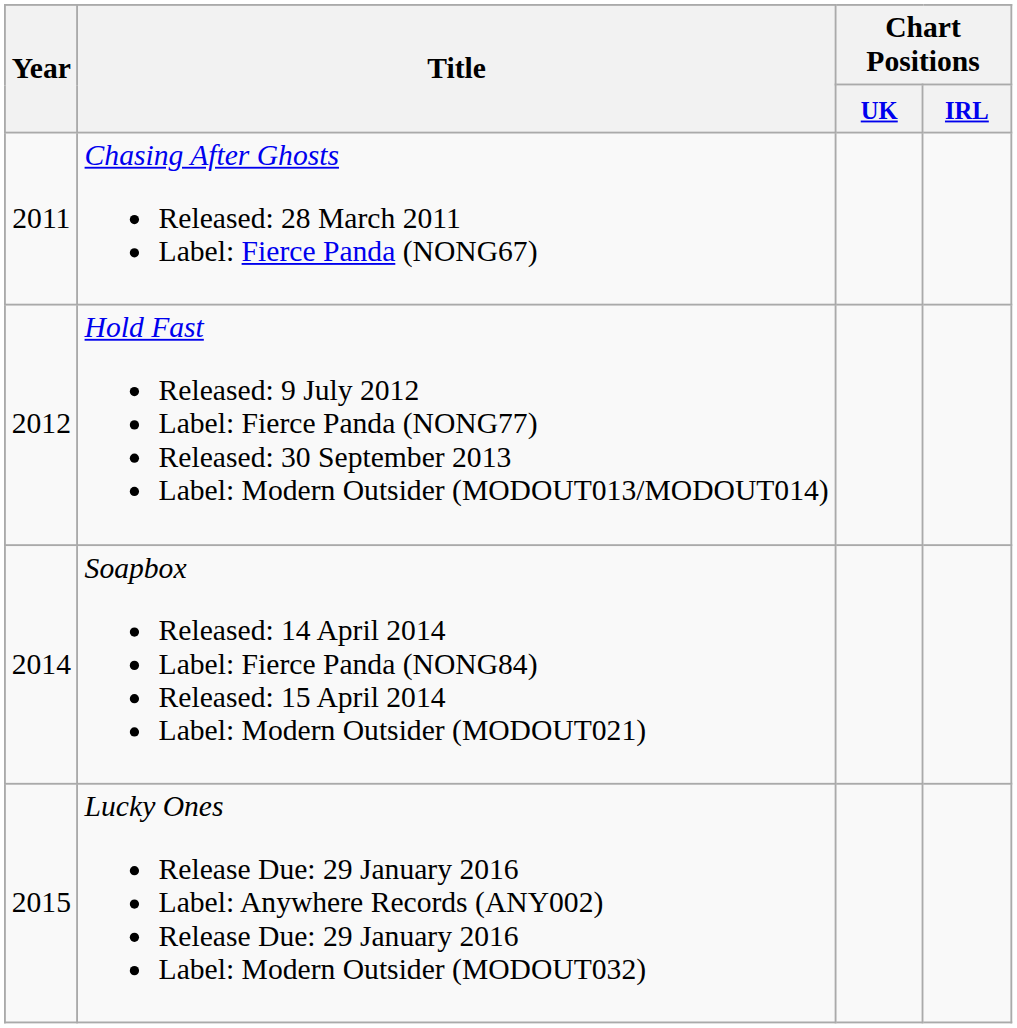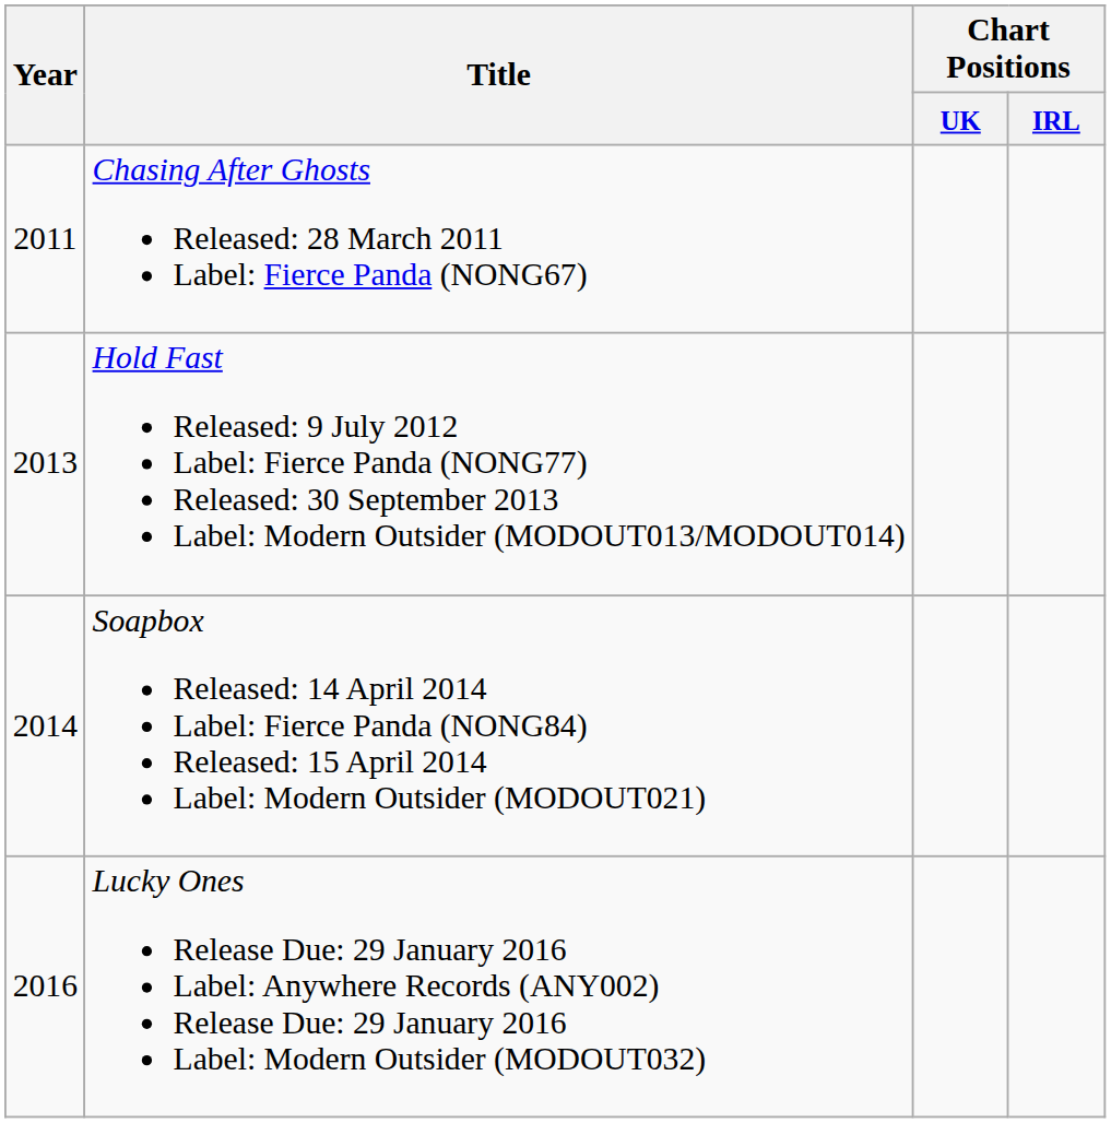 <table class="wikitable" style=text-align:center;>
 <tr>
 <th rowspan="2">Year</th>
 <th rowspan="2">Title</th>
 <th colspan="2">Chart Positions</th>
 </tr>
 <tr>
 <th width="40"><small><a href='#'>UK</a></small></th>
 <th width="40"><small><a href='#'>IRL</a></small></th>
 </tr>
 <tr>
 <td>2011</td>
 <td align="left"><em><a href='#'>Chasing After Ghosts</a></em><br><ul><li>Released: 28 March 2011</li><li>Label: <a href='#'>Fierce Panda</a> (NONG67)</li></ul></td>
 <td> </td>
 <td> </td>
 </tr>
 <tr>
-<td>2012</td>
+<td>2013</td>
 <td align="left"><em><a href='#'>Hold Fast</a></em><br><ul><li>Released: 9 July 2012</li><li>Label: Fierce Panda (NONG77)</li><li>Released: 30 September 2013</li><li>Label: Modern Outsider (MODOUT013/MODOUT014)</li></ul></td>
 <td> </td>
 <td> </td>
 </tr>
 <tr>
 <td>2014</td>
 <td align="left"><em>Soapbox</em><br><ul><li>Released: 14 April 2014</li><li>Label: Fierce Panda (NONG84)</li><li>Released: 15 April 2014</li><li>Label: Modern Outsider (MODOUT021)</li></ul></td>
 <td> </td>
 <td> </td>
 </tr>
 <tr>
-<td>2015</td>
+<td>2016</td>
 <td align="left"><em>Lucky Ones</em><br><ul><li>Release Due: 29 January 2016</li><li>Label: Anywhere Records (ANY002)</li><li>Release Due: 29 January 2016</li><li>Label: Modern Outsider (MODOUT032)</li></ul></td>
 <td> </td>
 <td> </td>
 </tr>
 </table>
